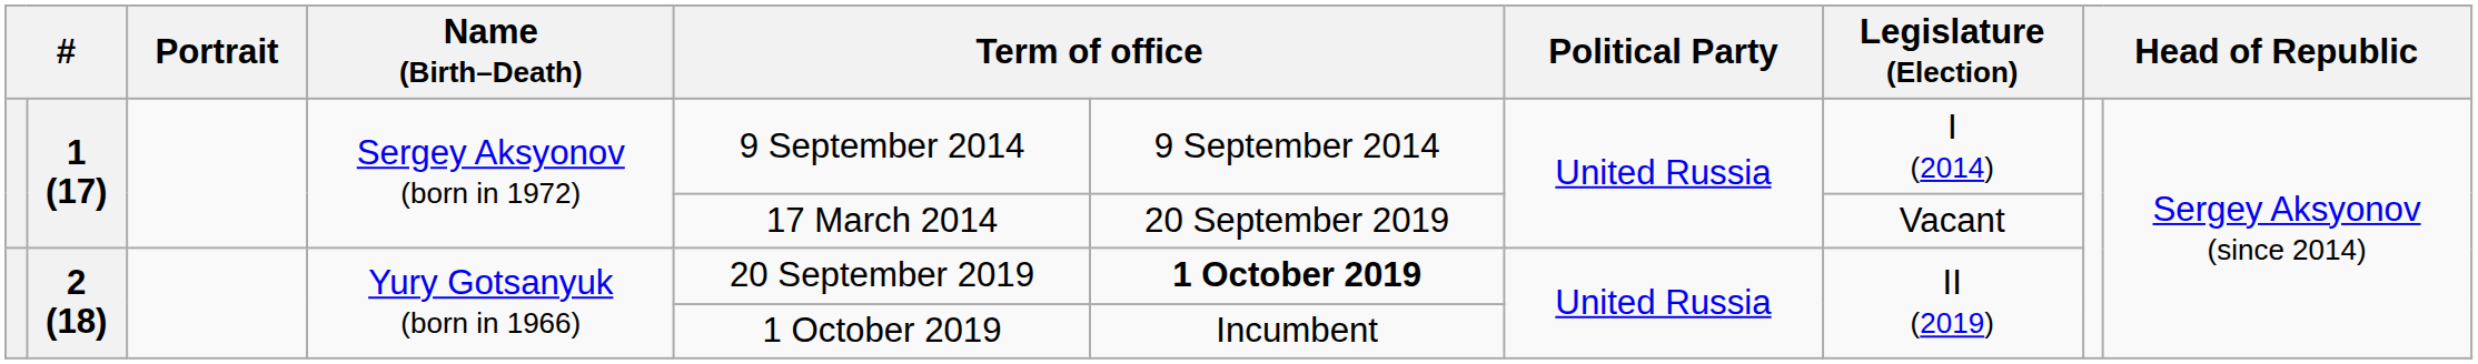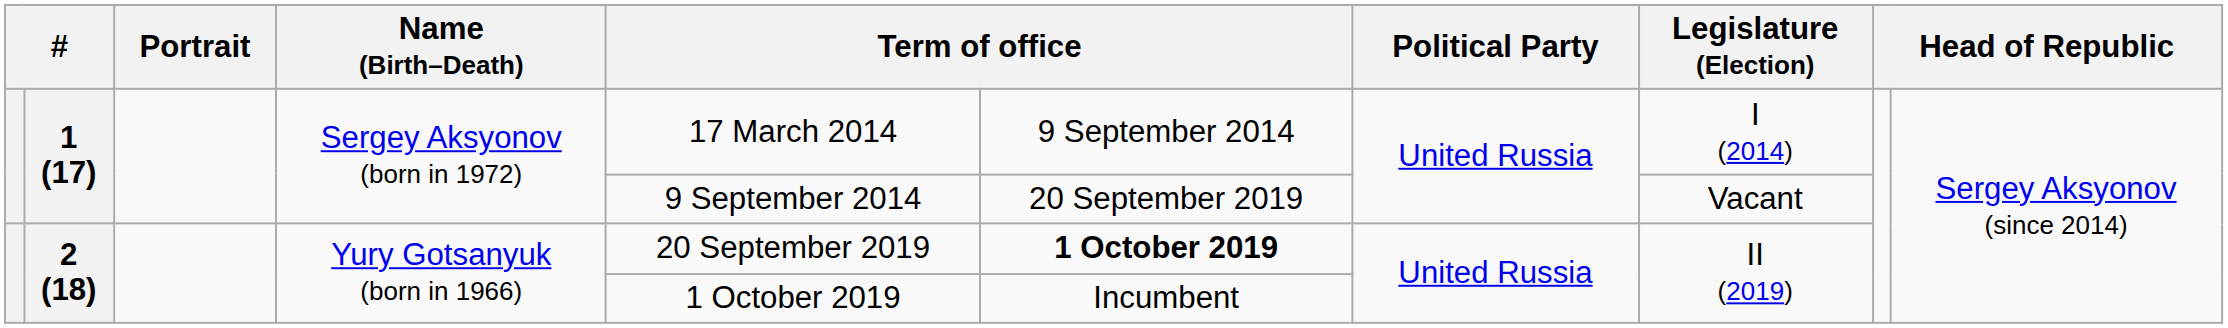 <table class="wikitable" style="width:90%; text-align:center;">
 <tr>
 <th colspan="2">#</th>
 <th>Portrait</th>
 <th>Name<br><small>(Birth–Death)</small></th>
 <th colspan="2">Term of office</th>
 <th>Political Party</th>
 <th>Legislature<br><small>(Election)</small></th>
 <th colspan="2">Head of Republic</th>
 </tr>
 <tr>
 <th rowspan=2 style="background:"></th>
 <th rowspan=2>1<br>(17)</th>
 <td rowspan=2></td>
 <td rowspan=2><a href='#'>Sergey Aksyonov</a><br><small>(born in 1972)</small></td>
-<td>9 September 2014</td>
+<td>17 March 2014</td>
 <td>9 September 2014</td>
 <td rowspan=2><a href='#'>United Russia</a></td>
 <td>I<br><small>(<a href='#'>2014</a>)</small></td>
 <td rowspan=4 style="background:"></td>
 <td rowspan=4><a href='#'>Sergey Aksyonov</a><br><small>(since 2014)</small></td>
 </tr>
 <tr>
-<td>17 March 2014</td>
+<td>9 September 2014</td>
 <td>20 September 2019</td>
 <td>Vacant</td>
 </tr>
 <tr>
 <th rowspan=2 style="background:"></th>
 <th rowspan=2>2<br>(18)</th>
 <td rowspan=2></td>
 <td rowspan=2><a href='#'>Yury Gotsanyuk</a><br><small>(born in 1966)</small></td>
 <td>20 September 2019</td>
 <td><strong>1 October 2019</strong></td>
 <td rowspan=2><a href='#'>United Russia</a></td>
 <td rowspan=2>II<br><small>(<a href='#'>2019</a>)</small></td>
 </tr>
 <tr>
 <td>1 October 2019</td>
 <td>Incumbent</td>
 </tr>
 </table>
